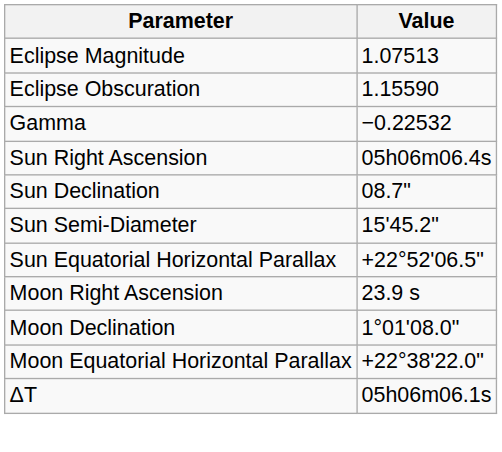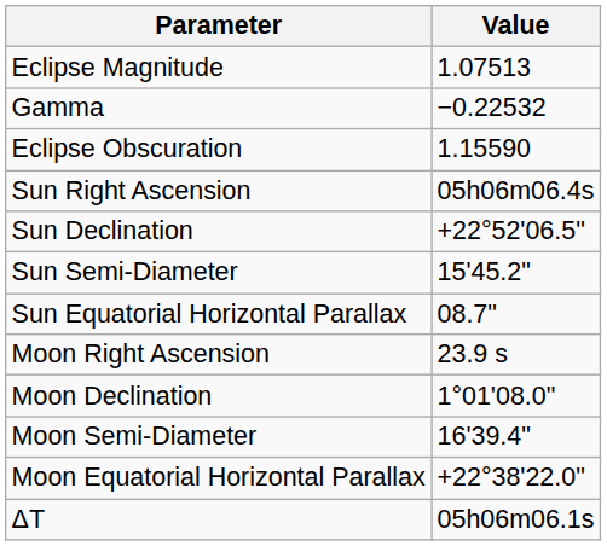 <table class="wikitable">
 <tr>
 <th>Parameter</th>
 <th>Value</th>
 </tr>
 <tr>
 <td>Eclipse Magnitude</td>
 <td>1.07513</td>
 </tr>
 <tr>
+<td>Gamma</td>
+<td>−0.22532</td>
+</tr>
+<tr>
 <td>Eclipse Obscuration</td>
 <td>1.15590</td>
-</tr>
-<tr>
-<td>Gamma</td>
-<td>−0.22532</td>
 </tr>
 <tr>
 <td>Sun Right Ascension</td>
 <td>05h06m06.4s</td>
 </tr>
 <tr>
 <td>Sun Declination</td>
-<td>08.7"</td>
+<td>+22°52'06.5"</td>
 </tr>
 <tr>
 <td>Sun Semi-Diameter</td>
 <td>15'45.2"</td>
 </tr>
 <tr>
 <td>Sun Equatorial Horizontal Parallax</td>
-<td>+22°52'06.5"</td>
+<td>08.7"</td>
 </tr>
 <tr>
 <td>Moon Right Ascension</td>
 <td>23.9 s</td>
 </tr>
 <tr>
 <td>Moon Declination</td>
 <td>1°01'08.0"</td>
 </tr>
 <tr>
+<td>Moon Semi-Diameter</td>
+<td>16'39.4"</td>
+</tr>
+<tr>
 <td>Moon Equatorial Horizontal Parallax</td>
 <td>+22°38'22.0"</td>
 </tr>
 <tr>
 <td>ΔT</td>
 <td>05h06m06.1s</td>
 </tr>
 </table>
